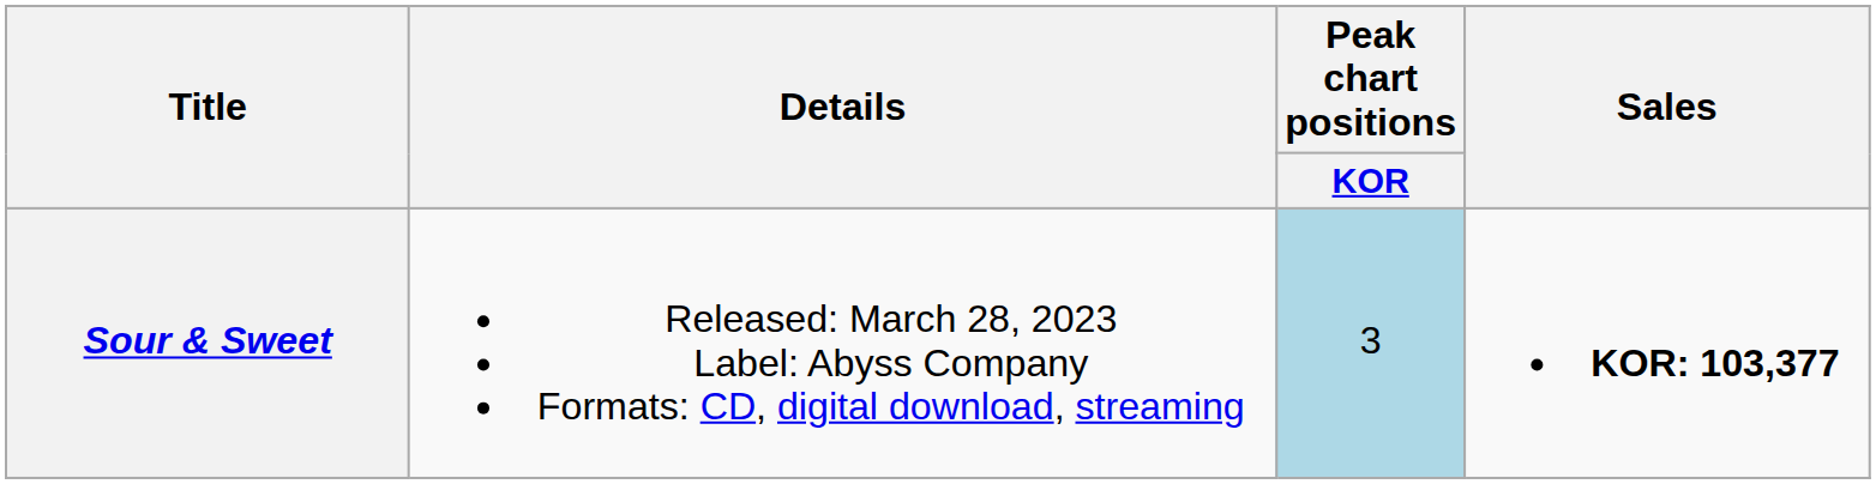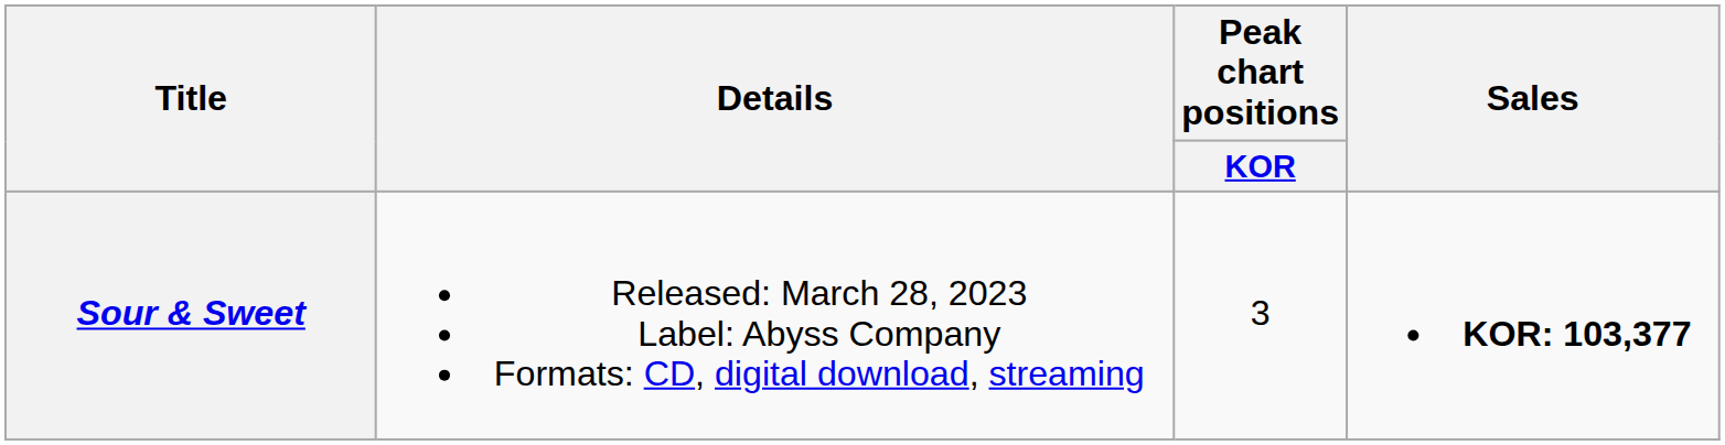 <table class="wikitable plainrowheaders" style="text-align:center;">
 <tr>
 <th rowspan="2" scope="col" style="width:10em;">Title</th>
 <th rowspan="2" scope="col" style="width:22em;">Details</th>
 <th colspan="1" scope="col">Peak<br>chart<br>positions</th>
 <th rowspan="2" scope="col" style="width:10em;">Sales</th>
 </tr>
 <tr>
 <th scope="col" style="font-size:90%; width:3em"><a href='#'>KOR</a><br></th>
 </tr>
 <tr>
 <th scope="row"><em><a href='#'>Sour & Sweet</a></em></th>
 <td><br><ul><li>Released: March 28, 2023</li><li>Label: Abyss Company</li><li>Formats: <a href='#'>CD</a>, <a href='#'>digital download</a>, <a href='#'>streaming</a></li></ul></td>
-<td style="background: lightblue;">3</td>
+<td>3</td>
 <td><strong><br><ul><li>KOR: 103,377</li></ul></strong></td>
 </tr>
 </table>
